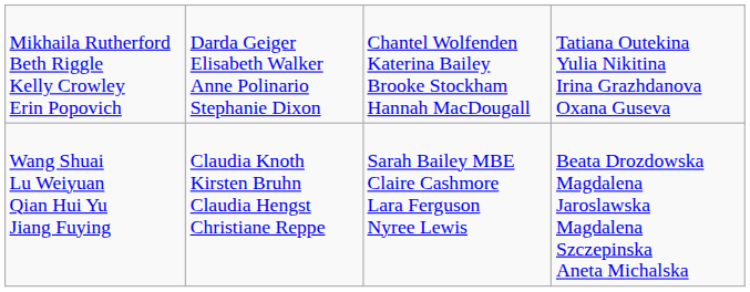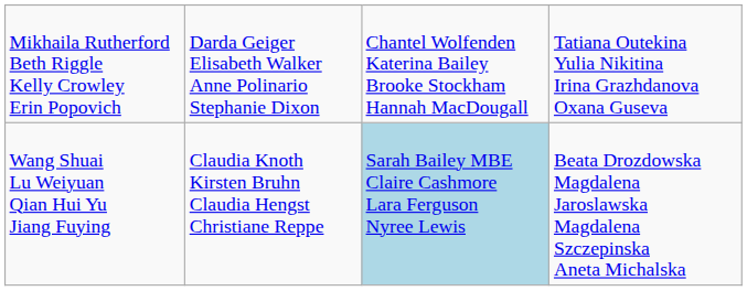 <table class="wikitable">
 <tr>
 <td style="vertical-align:top; width:18em"><br><a href='#'>Mikhaila Rutherford</a><br><a href='#'>Beth Riggle</a><br><a href='#'>Kelly Crowley</a><br><a href='#'>Erin Popovich</a></td>
 <td style="vertical-align:top; width:18em"><br><a href='#'>Darda Geiger</a><br><a href='#'>Elisabeth Walker</a><br><a href='#'>Anne Polinario</a><br><a href='#'>Stephanie Dixon</a></td>
 <td style="vertical-align:top; width:18em"><br><a href='#'>Chantel Wolfenden</a><br><a href='#'>Katerina Bailey</a><br><a href='#'>Brooke Stockham</a><br><a href='#'>Hannah MacDougall</a></td>
 <td style="vertical-align:top; width:18em"><br><a href='#'>Tatiana Outekina</a><br><a href='#'>Yulia Nikitina</a><br><a href='#'>Irina Grazhdanova</a><br><a href='#'>Oxana Guseva</a></td>
 </tr>
 <tr>
 <td style="vertical-align:top; width:18em"><br><a href='#'>Wang Shuai</a><br><a href='#'>Lu Weiyuan</a><br><a href='#'>Qian Hui Yu</a><br><a href='#'>Jiang Fuying</a></td>
 <td style="vertical-align:top; width:18em"><br><a href='#'>Claudia Knoth</a><br><a href='#'>Kirsten Bruhn</a><br><a href='#'>Claudia Hengst</a><br><a href='#'>Christiane Reppe</a></td>
-<td style="vertical-align:top; width:18em"><br><a href='#'>Sarah Bailey MBE</a><br><a href='#'>Claire Cashmore</a><br><a href='#'>Lara Ferguson</a><br><a href='#'>Nyree Lewis</a></td>
+<td style="background: lightblue; vertical-align:top; width:18em"><br><a href='#'>Sarah Bailey MBE</a><br><a href='#'>Claire Cashmore</a><br><a href='#'>Lara Ferguson</a><br><a href='#'>Nyree Lewis</a></td>
 <td style="vertical-align:top; width:18em"><br><a href='#'>Beata Drozdowska</a><br><a href='#'>Magdalena Jaroslawska</a><br><a href='#'>Magdalena Szczepinska</a><br><a href='#'>Aneta Michalska</a></td>
 </tr>
 </table>
